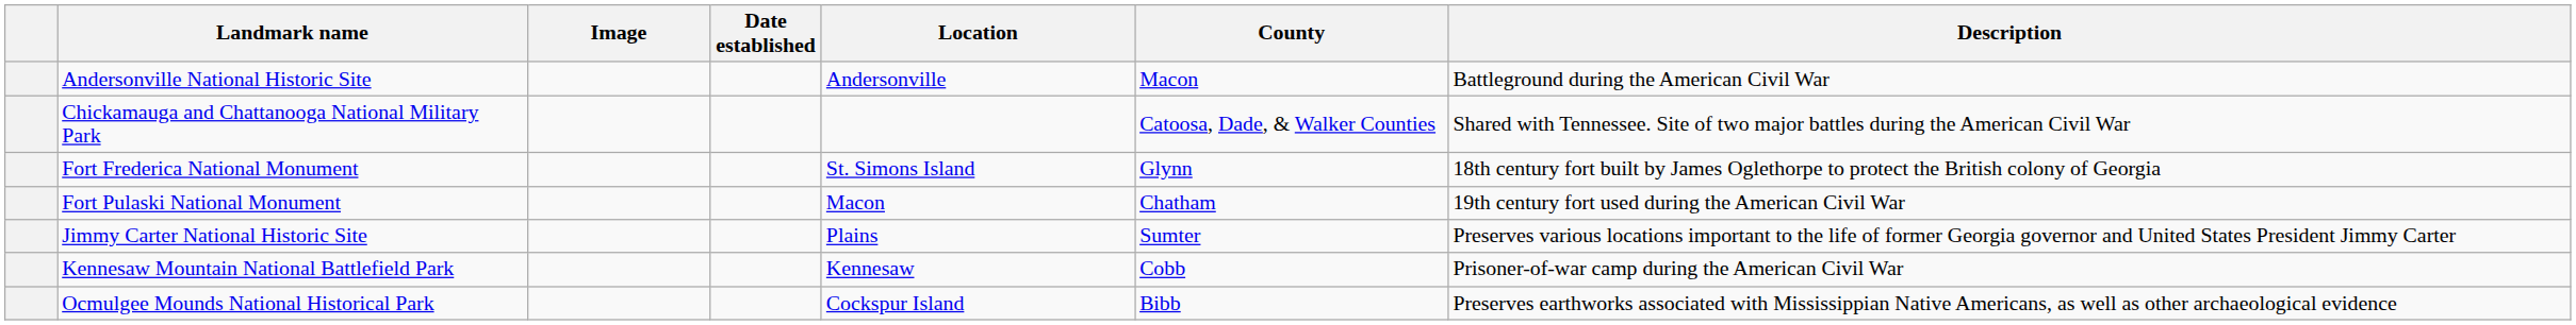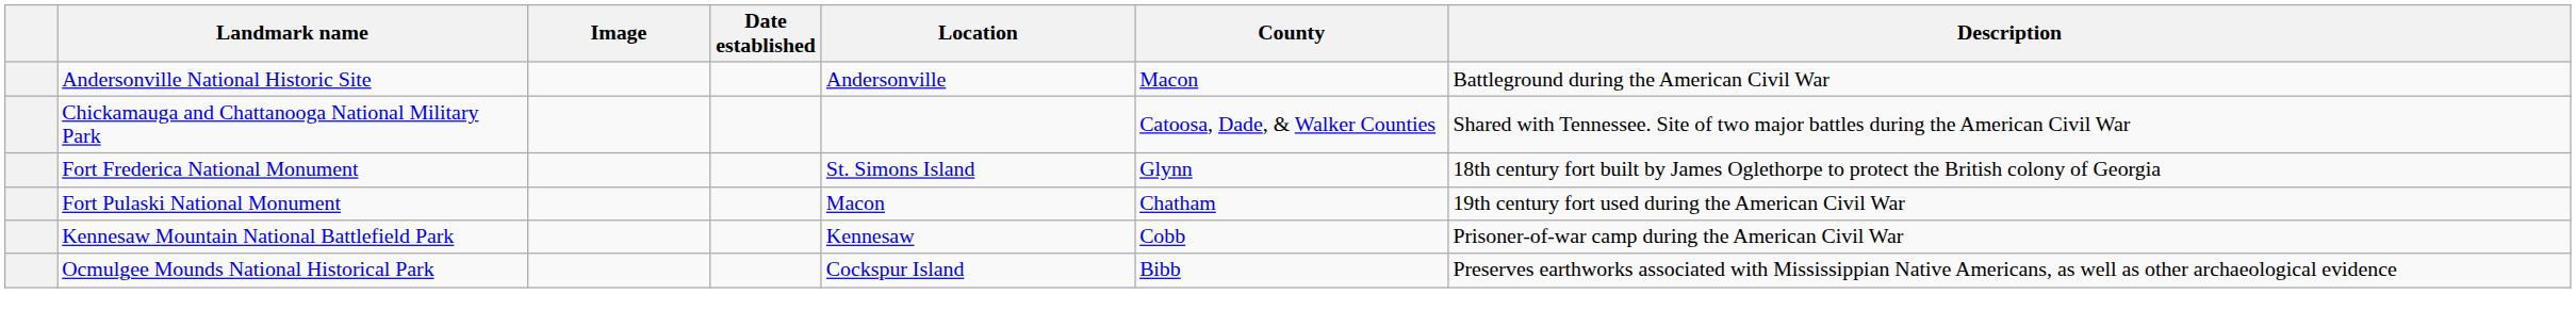 <table class="wikitable sortable" style="width:98%">
 <tr>
 <th width="2%"></th>
 <th width="18%"><strong>Landmark name</strong><br></th>
 <th class="unsortable" width="7%"><strong>Image</strong></th>
 <th date width="4%"><strong>Date established</strong></th>
 <th width="12%"><strong>Location</strong></th>
 <th width="12%"><strong>County</strong></th>
 <th class="unsortable" width="43%"><strong>Description</strong></th>
 </tr>
 <tr ->
 <th></th>
 <td><a href='#'>Andersonville National Historic Site</a></td>
 <td></td>
 <td></td>
 <td><a href='#'>Andersonville</a> <br></td>
 <td><a href='#'>Macon</a></td>
 <td>Battleground during the American Civil War</td>
 </tr>
 <tr>
 <th></th>
 <td><a href='#'>Chickamauga and Chattanooga National Military Park</a></td>
 <td></td>
 <td></td>
 <td></td>
 <td><a href='#'>Catoosa</a>, <a href='#'>Dade</a>, & <a href='#'>Walker Counties</a></td>
 <td>Shared with Tennessee. Site of two major battles during the American Civil War</td>
 </tr>
 <tr>
 <th></th>
 <td><a href='#'>Fort Frederica National Monument</a></td>
 <td></td>
 <td></td>
 <td><a href='#'>St. Simons Island</a> <br></td>
 <td><a href='#'>Glynn</a></td>
 <td>18th century fort built by James Oglethorpe to protect the British colony of Georgia</td>
 </tr>
 <tr>
 <th></th>
 <td><a href='#'>Fort Pulaski National Monument</a></td>
 <td></td>
 <td></td>
 <td><a href='#'>Macon</a><br></td>
 <td><a href='#'>Chatham</a></td>
 <td>19th century fort used during the American Civil War</td>
 </tr>
 <tr>
 <th></th>
-<td><a href='#'>Jimmy Carter National Historic Site</a></td>
-<td></td>
-<td></td>
-<td><a href='#'>Plains</a><br></td>
-<td><a href='#'>Sumter</a></td>
-<td>Preserves various locations important to the life of former Georgia governor and United States President Jimmy Carter</td>
-</tr>
-<tr>
-<th></th>
 <td><a href='#'>Kennesaw Mountain National Battlefield Park</a></td>
 <td></td>
 <td></td>
 <td><a href='#'>Kennesaw</a><br></td>
 <td><a href='#'>Cobb</a></td>
 <td>Prisoner-of-war camp during the American Civil War</td>
 </tr>
 <tr>
 <th></th>
 <td><a href='#'>Ocmulgee Mounds National Historical Park</a></td>
 <td></td>
 <td></td>
 <td><a href='#'>Cockspur Island</a><br></td>
 <td><a href='#'>Bibb</a></td>
 <td>Preserves earthworks associated with Mississippian Native Americans, as well as other archaeological evidence</td>
 </tr>
 </table>
